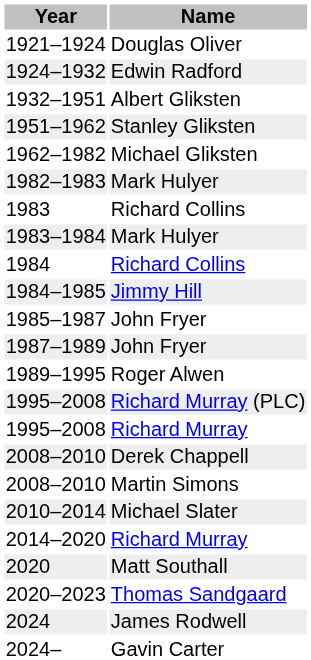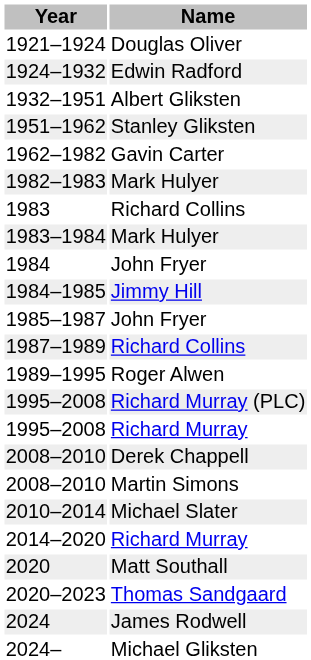 <table class="toccolours">
 <tr>
 <th style="background:silver;">Year</th>
 <th style="background:silver;">Name</th>
 </tr>
 <tr>
 <td>1921–1924</td>
 <td>Douglas Oliver</td>
 </tr>
 <tr style="background:#eee;">
 <td>1924–1932</td>
 <td>Edwin Radford</td>
 </tr>
 <tr>
 <td>1932–1951</td>
 <td>Albert Gliksten</td>
 </tr>
 <tr style="background:#eee;">
 <td>1951–1962</td>
 <td>Stanley Gliksten</td>
 </tr>
 <tr>
 <td>1962–1982</td>
-<td>Michael Gliksten</td>
+<td>Gavin Carter</td>
 </tr>
 <tr style="background:#eee;">
 <td>1982–1983</td>
 <td>Mark Hulyer</td>
 </tr>
 <tr>
 <td>1983</td>
 <td>Richard Collins</td>
 </tr>
 <tr style="background:#eee;">
 <td>1983–1984</td>
 <td>Mark Hulyer</td>
 </tr>
 <tr>
 <td>1984</td>
-<td><a href='#'>Richard Collins</a></td>
+<td>John Fryer</td>
 </tr>
 <tr style="background:#eee;">
 <td>1984–1985</td>
 <td><a href='#'>Jimmy Hill</a></td>
 </tr>
 <tr>
 <td>1985–1987</td>
 <td>John Fryer</td>
 </tr>
 <tr style="background:#eee;">
 <td>1987–1989</td>
-<td>John Fryer</td>
+<td><a href='#'>Richard Collins</a></td>
 </tr>
 <tr>
 <td>1989–1995</td>
 <td>Roger Alwen</td>
 </tr>
 <tr style="background:#eee;">
 <td>1995–2008</td>
 <td><a href='#'>Richard Murray</a> (PLC)</td>
 </tr>
 <tr>
 <td>1995–2008</td>
 <td><a href='#'>Richard Murray</a></td>
 </tr>
 <tr style="background:#eee;">
 <td>2008–2010</td>
 <td>Derek Chappell</td>
 </tr>
 <tr>
 <td>2008–2010</td>
 <td>Martin Simons</td>
 </tr>
 <tr style="background:#eee;">
 <td>2010–2014</td>
 <td>Michael Slater </td>
 </tr>
 <tr>
 <td>2014–2020</td>
 <td><a href='#'>Richard Murray</a></td>
 </tr>
 <tr style="background:#eee;">
 <td>2020</td>
 <td>Matt Southall </td>
 </tr>
 <tr>
 <td>2020–2023</td>
 <td><a href='#'>Thomas Sandgaard</a></td>
 </tr>
 <tr style="background:#eee;">
 <td>2024</td>
 <td>James Rodwell</td>
 </tr>
 <tr>
 <td>2024–</td>
-<td>Gavin Carter</td>
+<td>Michael Gliksten</td>
 </tr>
 </table>
